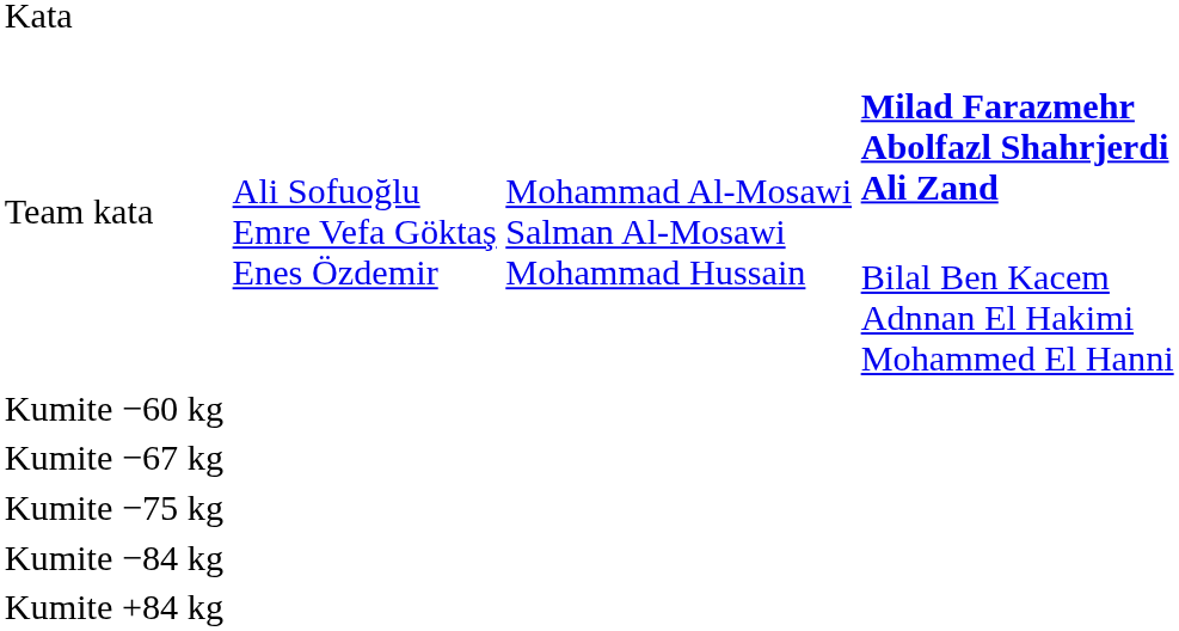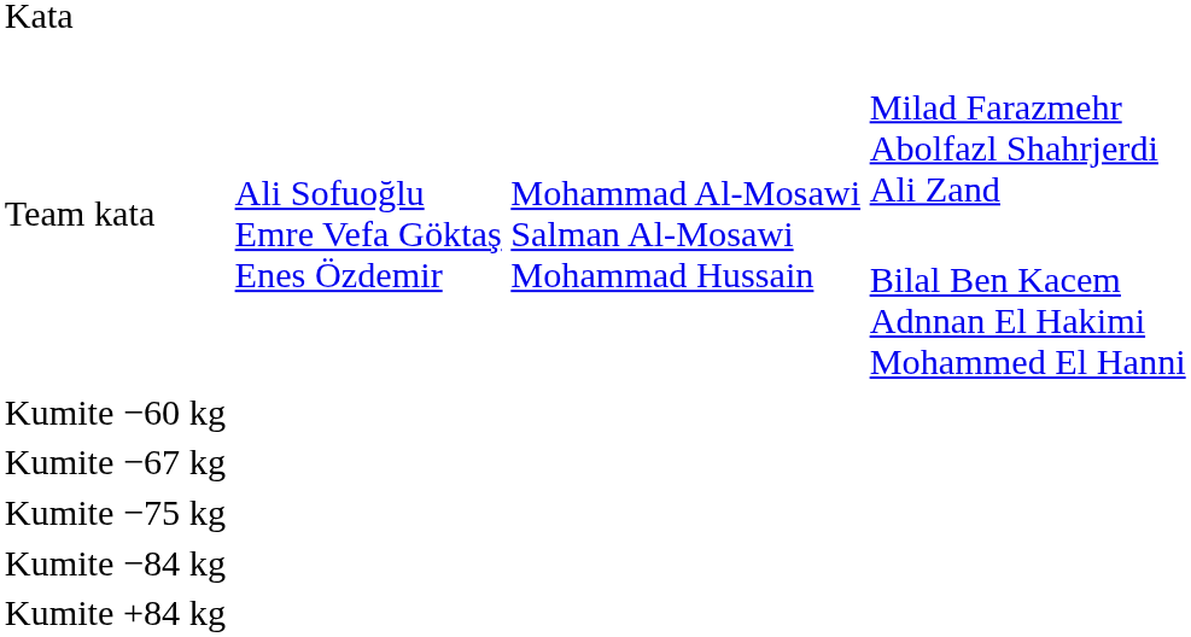 <table>
 <tr>
 </tr>
 <tr>
 <td rowspan=2>Kata</td>
 <td rowspan=2></td>
 <td rowspan=2></td>
 <td></td>
 </tr>
 <tr>
 <td></td>
 </tr>
 <tr>
 <td rowspan=2>Team kata</td>
 <td rowspan=2><br><a href='#'>Ali Sofuoğlu</a><br><a href='#'>Emre Vefa Göktaş</a><br><a href='#'>Enes Özdemir</a></td>
 <td rowspan=2><br><a href='#'>Mohammad Al-Mosawi</a><br><a href='#'>Salman Al-Mosawi</a><br><a href='#'>Mohammad Hussain</a></td>
-<td><strong><br><a href='#'>Milad Farazmehr</a><br><a href='#'>Abolfazl Shahrjerdi</a><br><a href='#'>Ali Zand</a></strong></td>
+<td><br><a href='#'>Milad Farazmehr</a><br><a href='#'>Abolfazl Shahrjerdi</a><br><a href='#'>Ali Zand</a></td>
 </tr>
 <tr>
 <td><br><a href='#'>Bilal Ben Kacem</a><br><a href='#'>Adnnan El Hakimi</a><br><a href='#'>Mohammed El Hanni</a></td>
 </tr>
 <tr>
 <td rowspan=2>Kumite −60 kg</td>
 <td rowspan=2></td>
 <td rowspan=2></td>
 <td></td>
 </tr>
 <tr>
 <td></td>
 </tr>
 <tr>
 <td rowspan=2>Kumite −67 kg</td>
 <td rowspan=2></td>
 <td rowspan=2></td>
 <td></td>
 </tr>
 <tr>
 <td></td>
 </tr>
 <tr>
 <td rowspan=2>Kumite −75 kg</td>
 <td rowspan=2></td>
 <td rowspan=2></td>
 <td></td>
 </tr>
 <tr>
 <td></td>
 </tr>
 <tr>
 <td rowspan=2>Kumite −84 kg</td>
 <td rowspan=2></td>
 <td rowspan=2></td>
 <td></td>
 </tr>
 <tr>
 <td></td>
 </tr>
 <tr>
 <td rowspan=2>Kumite +84 kg</td>
 <td rowspan=2></td>
 <td rowspan=2></td>
 <td></td>
 </tr>
 <tr>
 <td></td>
 </tr>
 </table>
